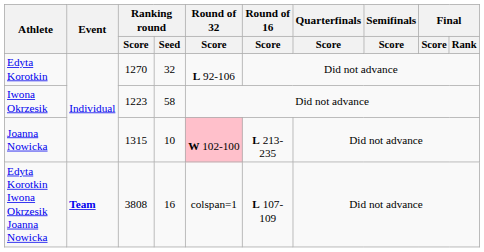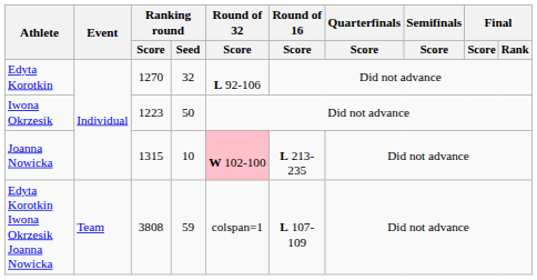 <table class="wikitable" style="font-size:90%">
 <tr>
 <th rowspan="2">Athlete</th>
 <th rowspan="2">Event</th>
 <th colspan="2">Ranking round</th>
 <th colspan="1">Round of 32</th>
 <th colspan="1">Round of 16</th>
 <th colspan="1">Quarterfinals</th>
 <th colspan="1">Semifinals</th>
 <th colspan="2">Final</th>
 </tr>
 <tr style="font-size:95%">
 <th>Score</th>
 <th>Seed</th>
 <th>Score</th>
 <th>Score</th>
 <th>Score</th>
 <th>Score</th>
 <th>Score</th>
 <th>Rank</th>
 </tr>
 <tr align=center>
 <td align=left><a href='#'>Edyta Korotkin</a></td>
 <td align=left rowspan=3><a href='#'>Individual</a></td>
 <td>1270</td>
 <td>32</td>
 <td><br><strong>L</strong> 92-106</td>
 <td colspan=6>Did not advance</td>
 </tr>
 <tr align=center>
 <td align=left><a href='#'>Iwona Okrzesik</a></td>
 <td>1223</td>
-<td>58</td>
+<td>50</td>
 <td colspan=7>Did not advance</td>
 </tr>
 <tr align=center>
 <td align=left><a href='#'>Joanna Nowicka</a></td>
 <td>1315</td>
 <td>10</td>
 <td style="background: pink;"><br><strong>W</strong> 102-100</td>
 <td><br><strong>L</strong> 213-235</td>
 <td colspan=4>Did not advance</td>
 </tr>
 <tr align=center>
 <td align=left><a href='#'>Edyta Korotkin</a><br><a href='#'>Iwona Okrzesik</a><br><a href='#'>Joanna Nowicka</a></td>
-<td align=left><strong><a href='#'>Team</a></strong></td>
+<td align=left><a href='#'>Team</a></td>
 <td>3808</td>
-<td>16</td>
+<td>59</td>
 <td>colspan=1 </td>
 <td><br><strong>L</strong> 107-109</td>
 <td colspan=4>Did not advance</td>
 </tr>
 </table>
